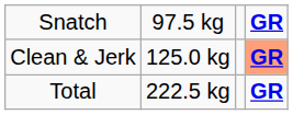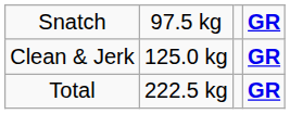 <table class = "wikitable" style="text-align:center;">
 <tr>
 <td>Snatch</td>
 <td>97.5 kg</td>
 <td align=left></td>
 <td><strong><a href='#'>GR</a></strong></td>
 </tr>
 <tr>
 <td>Clean & Jerk</td>
 <td>125.0 kg</td>
 <td align=left></td>
-<td style="background: lightsalmon;"><strong><a href='#'>GR</a></strong></td>
+<td><strong><a href='#'>GR</a></strong></td>
 </tr>
 <tr>
 <td>Total</td>
 <td>222.5 kg</td>
 <td align=left></td>
 <td><strong><a href='#'>GR</a></strong></td>
 </tr>
 </table>
